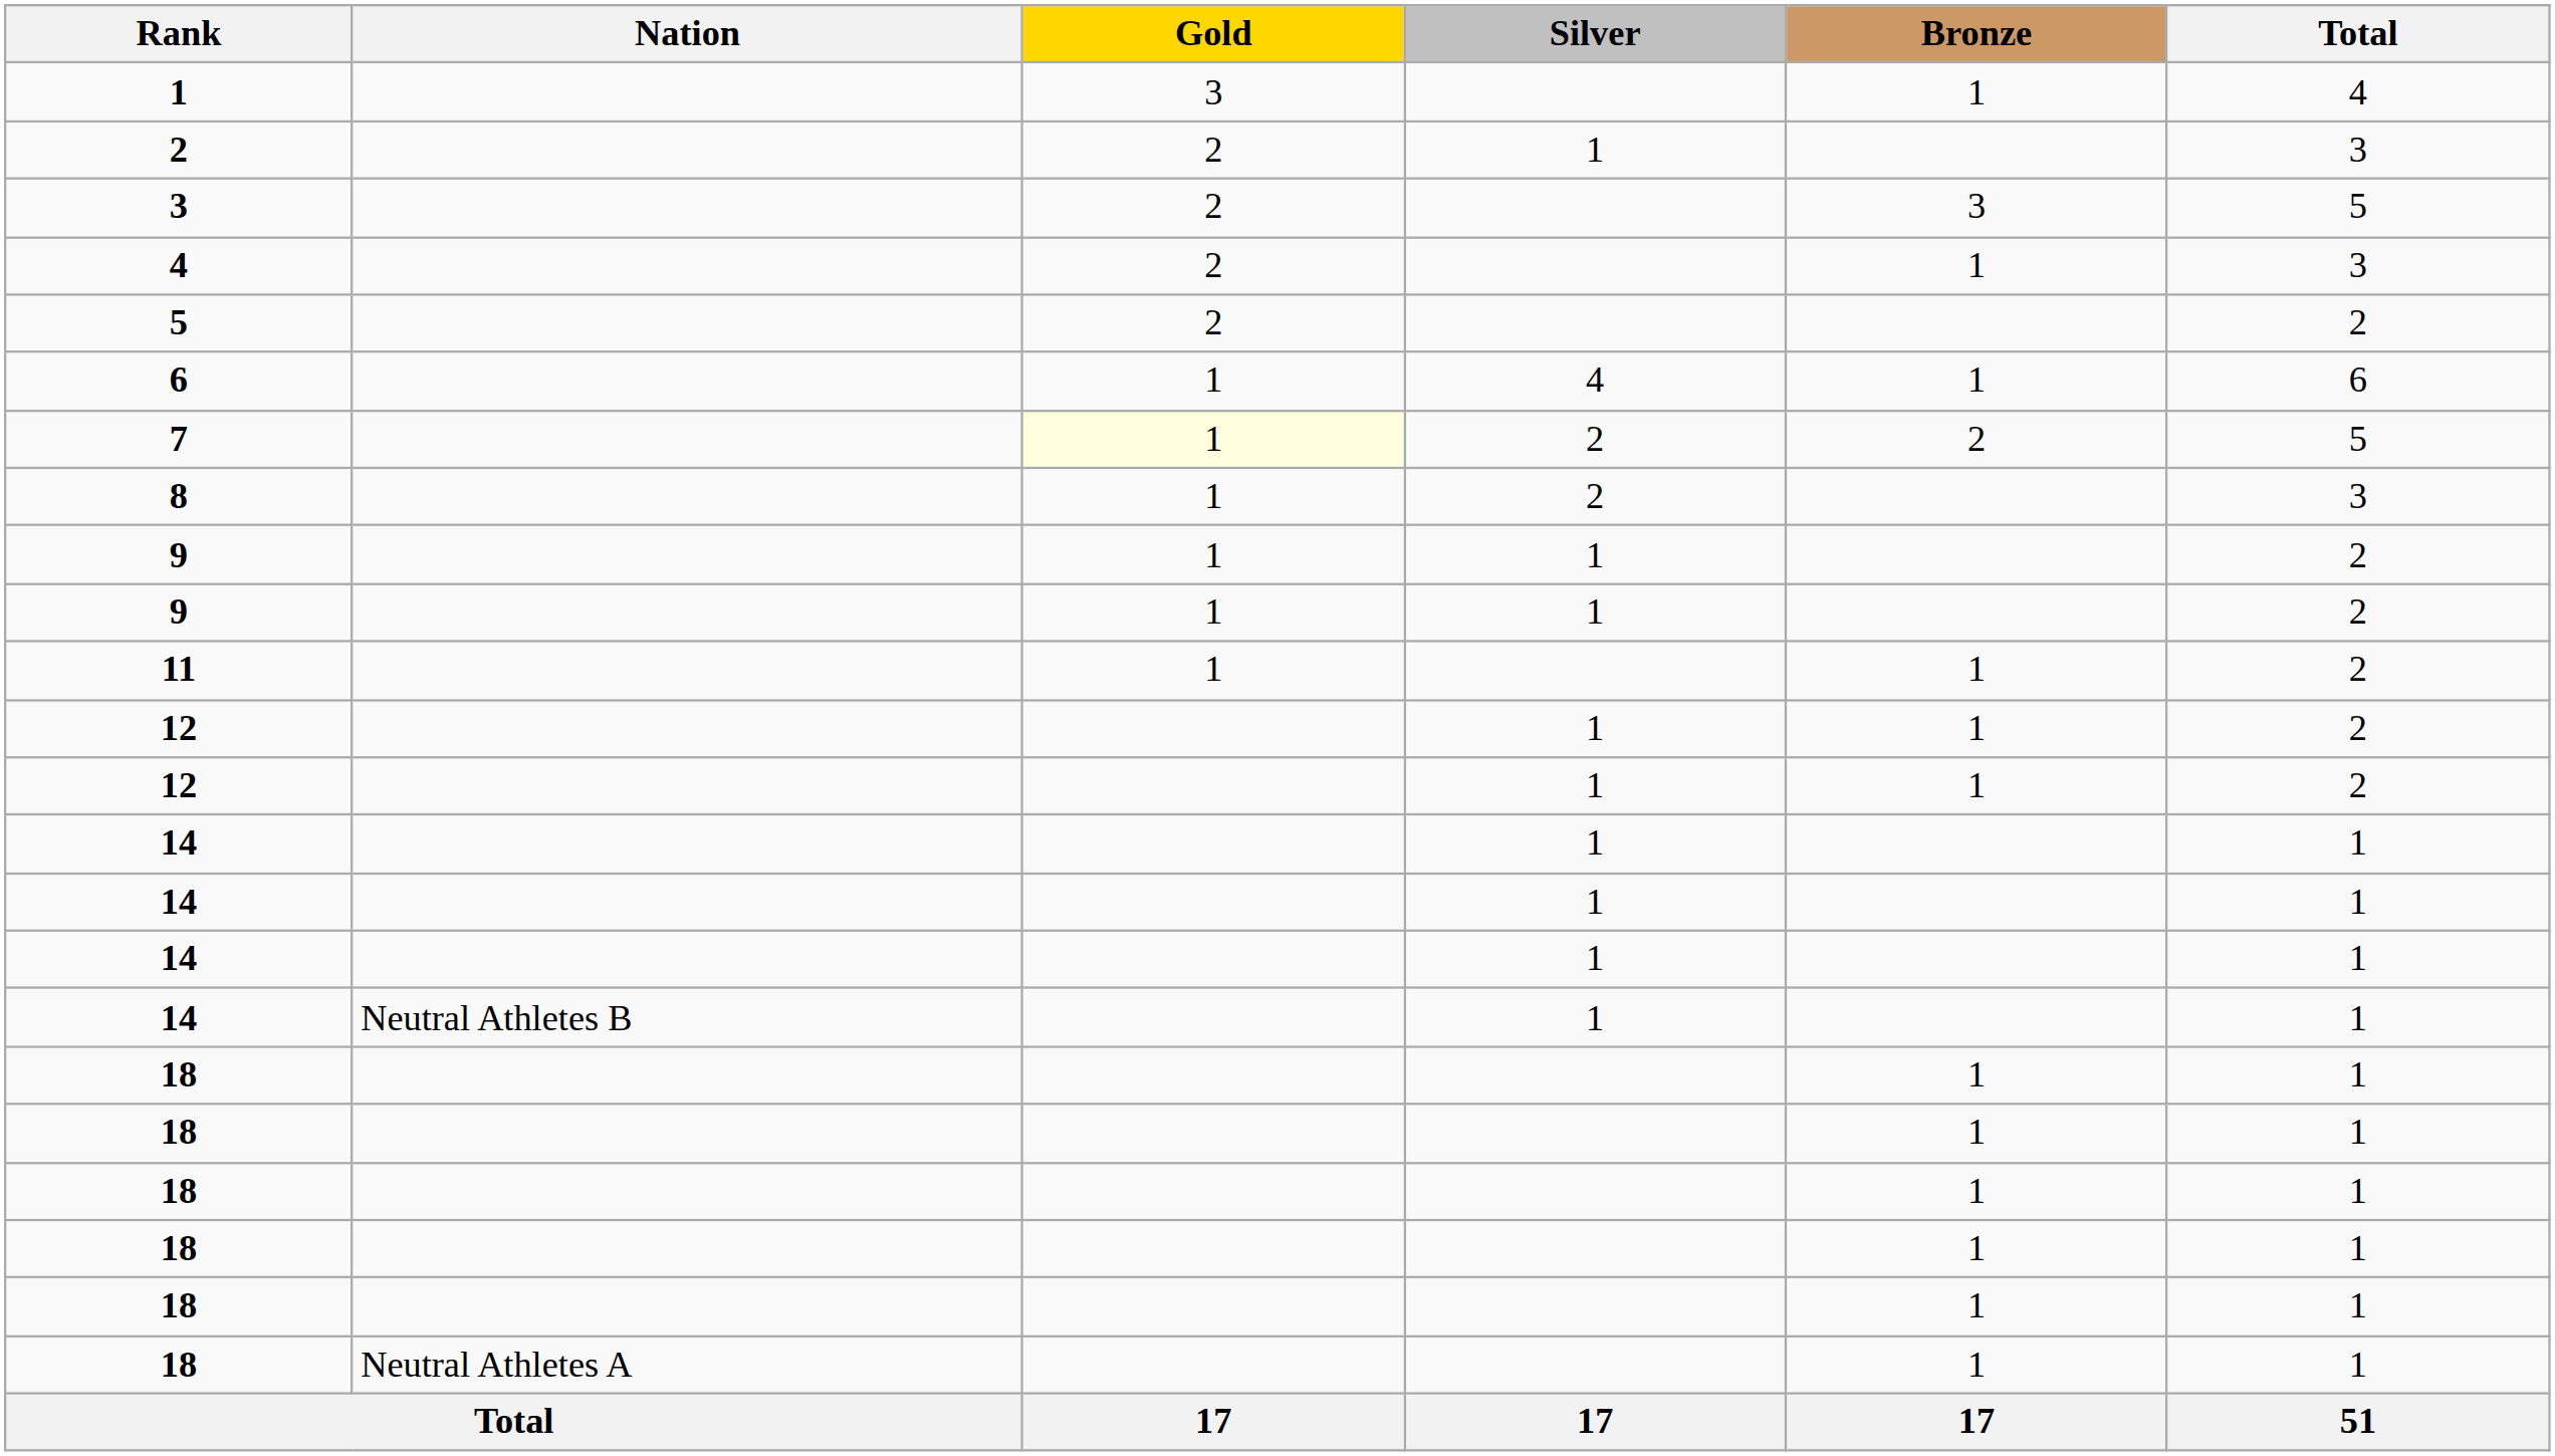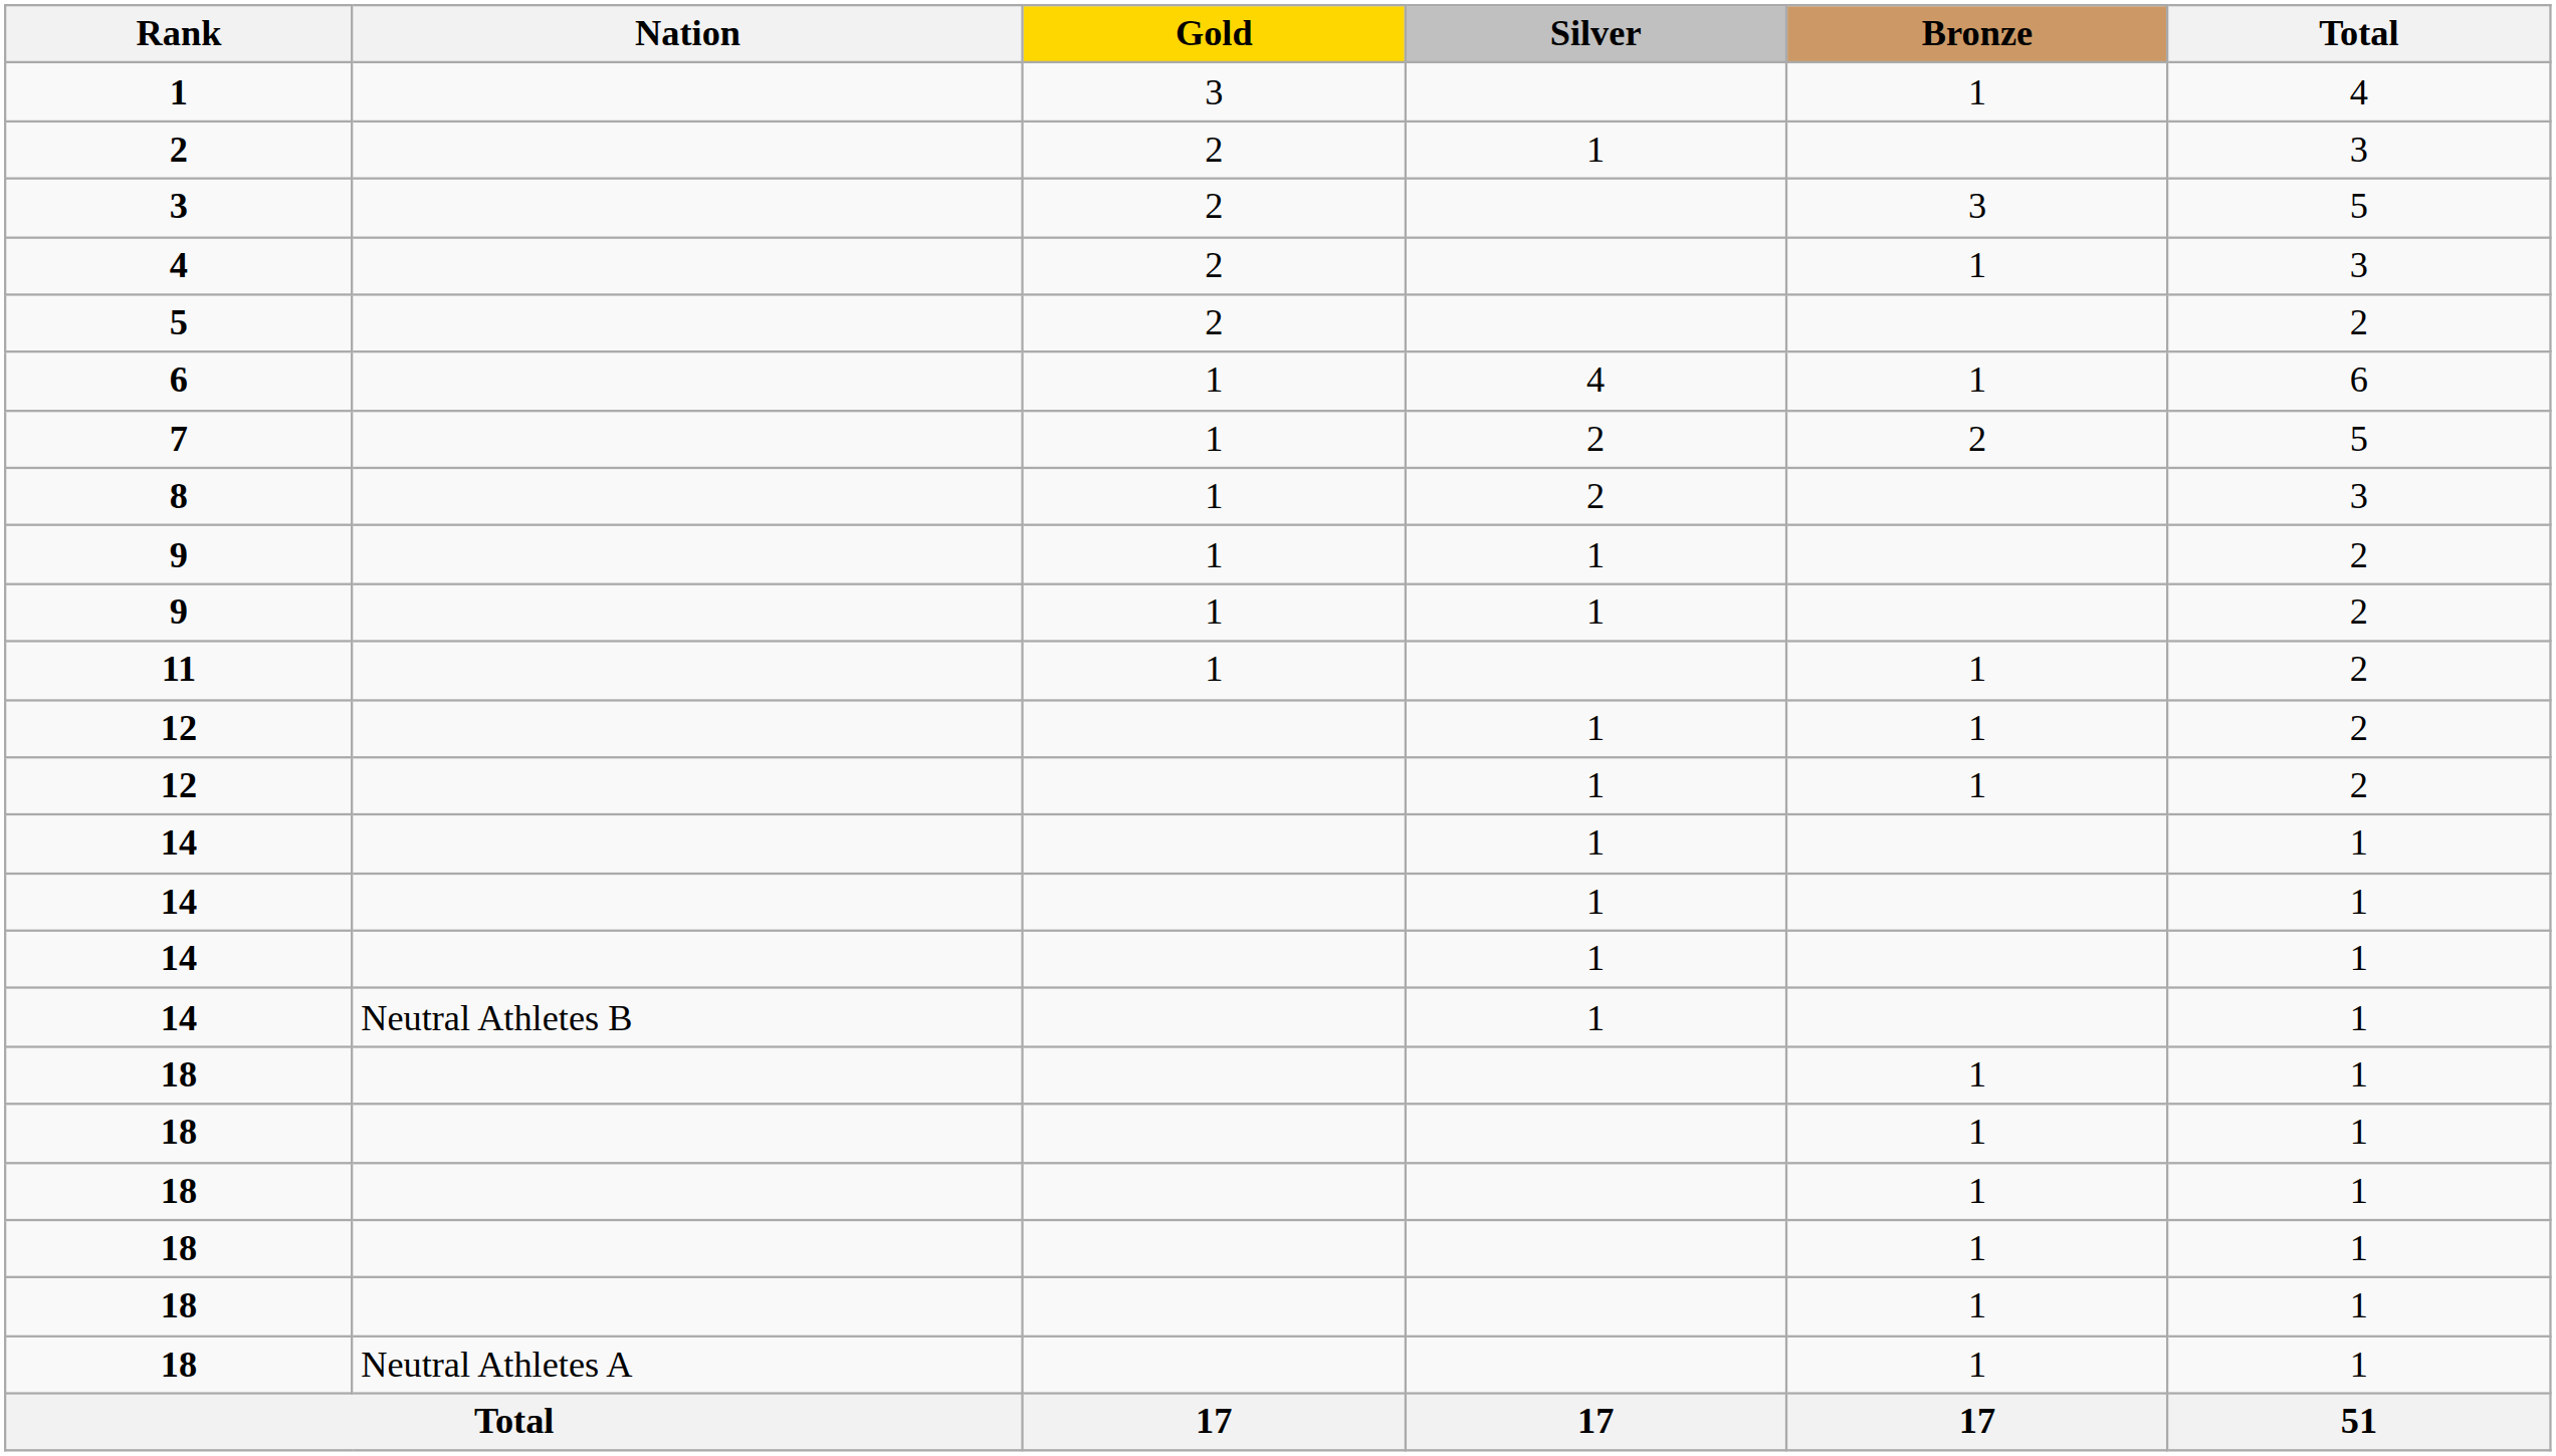 <table class="wikitable collapsible autocollapse plainrowheaders" width=70.5% style="text-align:center;">
 <tr style="background-color:#EDEDED;">
 <th width=100px class="hintergrundfarbe5">Rank</th>
 <th width=200px class="hintergrundfarbe6">Nation</th>
 <th style="background:    gold; width:15%">Gold</th>
 <th style="background:  silver; width:15%">Silver</th>
 <th style="background: #CC9966; width:15%">Bronze</th>
 <th class="hintergrundfarbe6" style="width:15%">Total</th>
 </tr>
 <tr>
 <td><strong>1</strong></td>
 <td align=left></td>
 <td>3</td>
 <td></td>
 <td>1</td>
 <td>4</td>
 </tr>
 <tr>
 <td><strong>2</strong></td>
 <td align=left></td>
 <td>2</td>
 <td>1</td>
 <td></td>
 <td>3</td>
 </tr>
 <tr>
 <td><strong>3</strong></td>
 <td align=left></td>
 <td>2</td>
 <td></td>
 <td>3</td>
 <td>5</td>
 </tr>
 <tr>
 <td><strong>4</strong></td>
 <td align=left></td>
 <td>2</td>
 <td></td>
 <td>1</td>
 <td>3</td>
 </tr>
 <tr>
 <td><strong>5</strong></td>
 <td align=left></td>
 <td>2</td>
 <td></td>
 <td></td>
 <td>2</td>
 </tr>
 <tr>
 <td><strong>6</strong></td>
 <td align=left></td>
 <td>1</td>
 <td>4</td>
 <td>1</td>
 <td>6</td>
 </tr>
 <tr>
 <td><strong>7</strong></td>
 <td align=left></td>
-<td style="background: lightyellow;">1</td>
+<td>1</td>
 <td>2</td>
 <td>2</td>
 <td>5</td>
 </tr>
 <tr>
 <td><strong>8</strong></td>
 <td align=left></td>
 <td>1</td>
 <td>2</td>
 <td></td>
 <td>3</td>
 </tr>
 <tr>
 <td><strong>9</strong></td>
 <td align=left></td>
 <td>1</td>
 <td>1</td>
 <td></td>
 <td>2</td>
 </tr>
 <tr>
 <td><strong>9</strong></td>
 <td align=left></td>
 <td>1</td>
 <td>1</td>
 <td></td>
 <td>2</td>
 </tr>
 <tr>
 <td><strong>11</strong></td>
 <td align=left></td>
 <td>1</td>
 <td></td>
 <td>1</td>
 <td>2</td>
 </tr>
 <tr>
 <td><strong>12</strong></td>
 <td align=left></td>
 <td></td>
 <td>1</td>
 <td>1</td>
 <td>2</td>
 </tr>
 <tr>
 <td><strong>12</strong></td>
 <td align=left></td>
 <td></td>
 <td>1</td>
 <td>1</td>
 <td>2</td>
 </tr>
 <tr>
 <td><strong>14</strong></td>
 <td align=left></td>
 <td></td>
 <td>1</td>
 <td></td>
 <td>1</td>
 </tr>
 <tr>
 <td><strong>14</strong></td>
 <td align=left></td>
 <td></td>
 <td>1</td>
 <td></td>
 <td>1</td>
 </tr>
 <tr>
 <td><strong>14</strong></td>
 <td align=left></td>
 <td></td>
 <td>1</td>
 <td></td>
 <td>1</td>
 </tr>
 <tr>
 <td><strong>14</strong></td>
 <td align=left> Neutral Athletes B</td>
 <td></td>
 <td>1</td>
 <td></td>
 <td>1</td>
 </tr>
 <tr>
 <td><strong>18</strong></td>
 <td align=left></td>
 <td></td>
 <td></td>
 <td>1</td>
 <td>1</td>
 </tr>
 <tr>
 <td><strong>18</strong></td>
 <td align=left></td>
 <td></td>
 <td></td>
 <td>1</td>
 <td>1</td>
 </tr>
 <tr>
 <td><strong>18</strong></td>
 <td align=left></td>
 <td></td>
 <td></td>
 <td>1</td>
 <td>1</td>
 </tr>
 <tr>
 <td><strong>18</strong></td>
 <td align=left></td>
 <td></td>
 <td></td>
 <td>1</td>
 <td>1</td>
 </tr>
 <tr>
 <td><strong>18</strong></td>
 <td align=left></td>
 <td></td>
 <td></td>
 <td>1</td>
 <td>1</td>
 </tr>
 <tr>
 <td><strong>18</strong></td>
 <td align=left> Neutral Athletes A</td>
 <td></td>
 <td></td>
 <td>1</td>
 <td>1</td>
 </tr>
 <tr>
 <th colspan=2>Total</th>
 <th>17</th>
 <th>17</th>
 <th>17</th>
 <th>51</th>
 </tr>
 </table>
